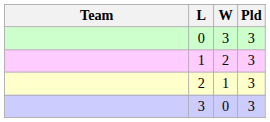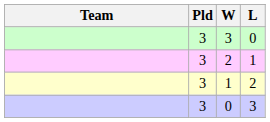 <table class="wikitable" style="text-align:center">
 <tr>
 <th width="200">Team</th>
+<th width="20">Pld</th>
+<th width="20">W</th>
 <th width="20">L</th>
-<th width="20">W</th>
-<th width="20">Pld</th>
 </tr>
 <tr style="background:#cfc">
 <td align=left></td>
-<td>0</td>
 <td>3</td>
 <td>3</td>
+<td>0</td>
 </tr>
 <tr style="background:#ffccff">
 <td align=left></td>
+<td>3</td>
+<td>2</td>
 <td>1</td>
-<td>2</td>
-<td>3</td>
 </tr>
 <tr style="background:#ffc">
 <td align=left></td>
+<td>3</td>
+<td>1</td>
 <td>2</td>
-<td>1</td>
-<td>3</td>
 </tr>
 <tr bgcolor=ccccff>
 <td align=left></td>
 <td>3</td>
 <td>0</td>
 <td>3</td>
 </tr>
 </table>
